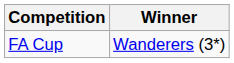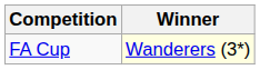 <table class="wikitable">
 <tr>
 <th>Competition</th>
 <th>Winner</th>
 </tr>
 <tr>
 <td><a href='#'>FA Cup</a></td>
-<td><a href='#'>Wanderers</a> (3*)</td>
+<td style="background: lightyellow;"><a href='#'>Wanderers</a> (3*)</td>
 </tr>
 </table>
